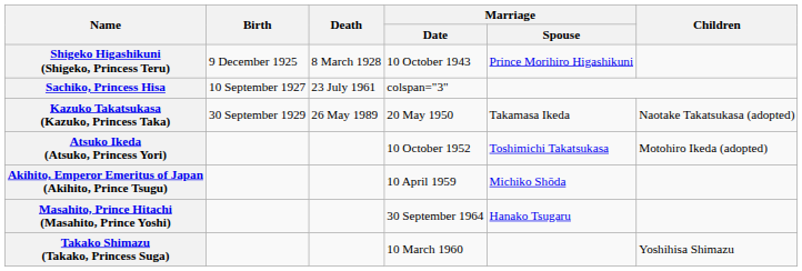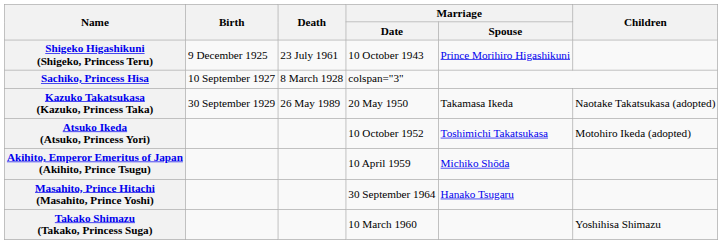 <table class="wikitable plainrowheaders">
 <tr>
 <th rowspan="2" scope="col">Name</th>
 <th rowspan="2" scope="col">Birth</th>
 <th rowspan="2" scope="col">Death</th>
 <th colspan="2" scope="col">Marriage</th>
 <th rowspan="2" scope="col">Children</th>
 </tr>
 <tr>
 <th scope="col">Date</th>
 <th scope="col">Spouse</th>
 </tr>
 <tr>
 <th scope="row"><a href='#'>Shigeko Higashikuni</a><br>(Shigeko, Princess Teru)</th>
 <td>9 December 1925</td>
-<td>8 March 1928</td>
+<td>23 July 1961</td>
 <td>10 October 1943</td>
 <td><a href='#'>Prince Morihiro Higashikuni</a></td>
 <td></td>
 </tr>
 <tr>
 <th scope="row"><a href='#'>Sachiko, Princess Hisa</a></th>
 <td>10 September 1927</td>
-<td>23 July 1961</td>
+<td>8 March 1928</td>
 <td>colspan="3" </td>
 </tr>
 <tr>
 <th scope="row"><a href='#'>Kazuko Takatsukasa</a><br>(Kazuko, Princess Taka)</th>
 <td>30 September 1929</td>
 <td>26 May 1989</td>
 <td>20 May 1950</td>
 <td>Takamasa Ikeda</td>
 <td>Naotake Takatsukasa (adopted)</td>
 </tr>
 <tr>
 <th scope="row"><a href='#'>Atsuko Ikeda</a><br>(Atsuko, Princess Yori)</th>
 <td></td>
 <td></td>
 <td>10 October 1952</td>
 <td><a href='#'>Toshimichi Takatsukasa</a></td>
 <td>Motohiro Ikeda (adopted)</td>
 </tr>
 <tr>
 <th scope="row"><a href='#'>Akihito, Emperor Emeritus of Japan</a><br>(Akihito, Prince Tsugu)</th>
 <td></td>
 <td></td>
 <td>10 April 1959</td>
 <td><a href='#'>Michiko Shōda</a></td>
 <td></td>
 </tr>
 <tr>
 <th scope="row"><a href='#'>Masahito, Prince Hitachi</a><br>(Masahito, Prince Yoshi)</th>
 <td></td>
 <td></td>
 <td>30 September 1964</td>
 <td><a href='#'>Hanako Tsugaru</a></td>
 <td></td>
 </tr>
 <tr>
 <th scope="row"><a href='#'>Takako Shimazu</a><br>(Takako, Princess Suga)</th>
 <td></td>
 <td></td>
 <td>10 March 1960</td>
 <td></td>
 <td>Yoshihisa Shimazu</td>
 </tr>
 </table>
